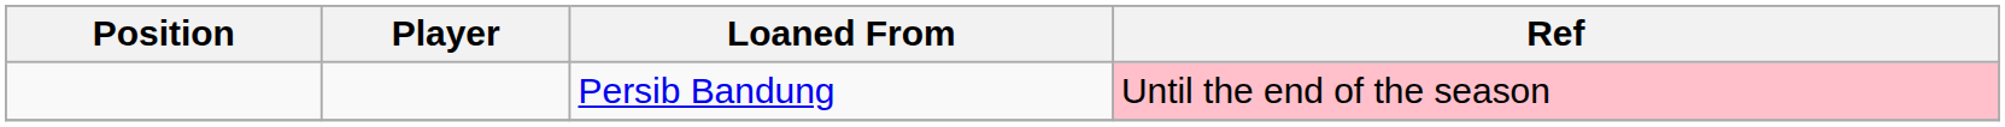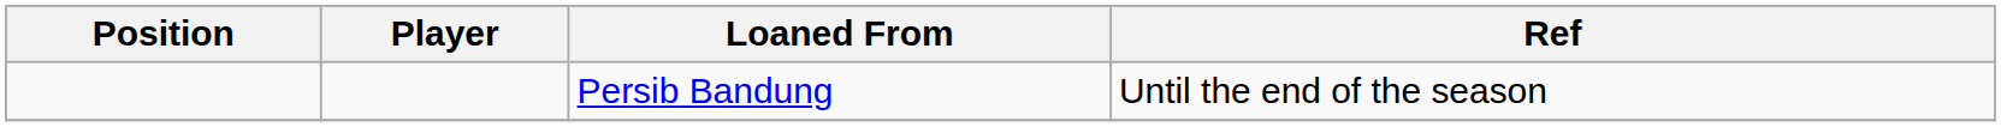 <table class="wikitable sortable" style="width:70%; text-align:center; font-size:100%; text-align:left;">
 <tr>
 <th><strong>Position</strong></th>
 <th><strong>Player</strong></th>
 <th><strong>Loaned From</strong></th>
 <th><strong>Ref</strong></th>
 </tr>
 <tr>
 <td></td>
 <td></td>
 <td> <a href='#'>Persib Bandung</a></td>
-<td style="background: pink;">Until the end of the season</td>
+<td>Until the end of the season</td>
 </tr>
 <tr>
 </tr>
 </table>
